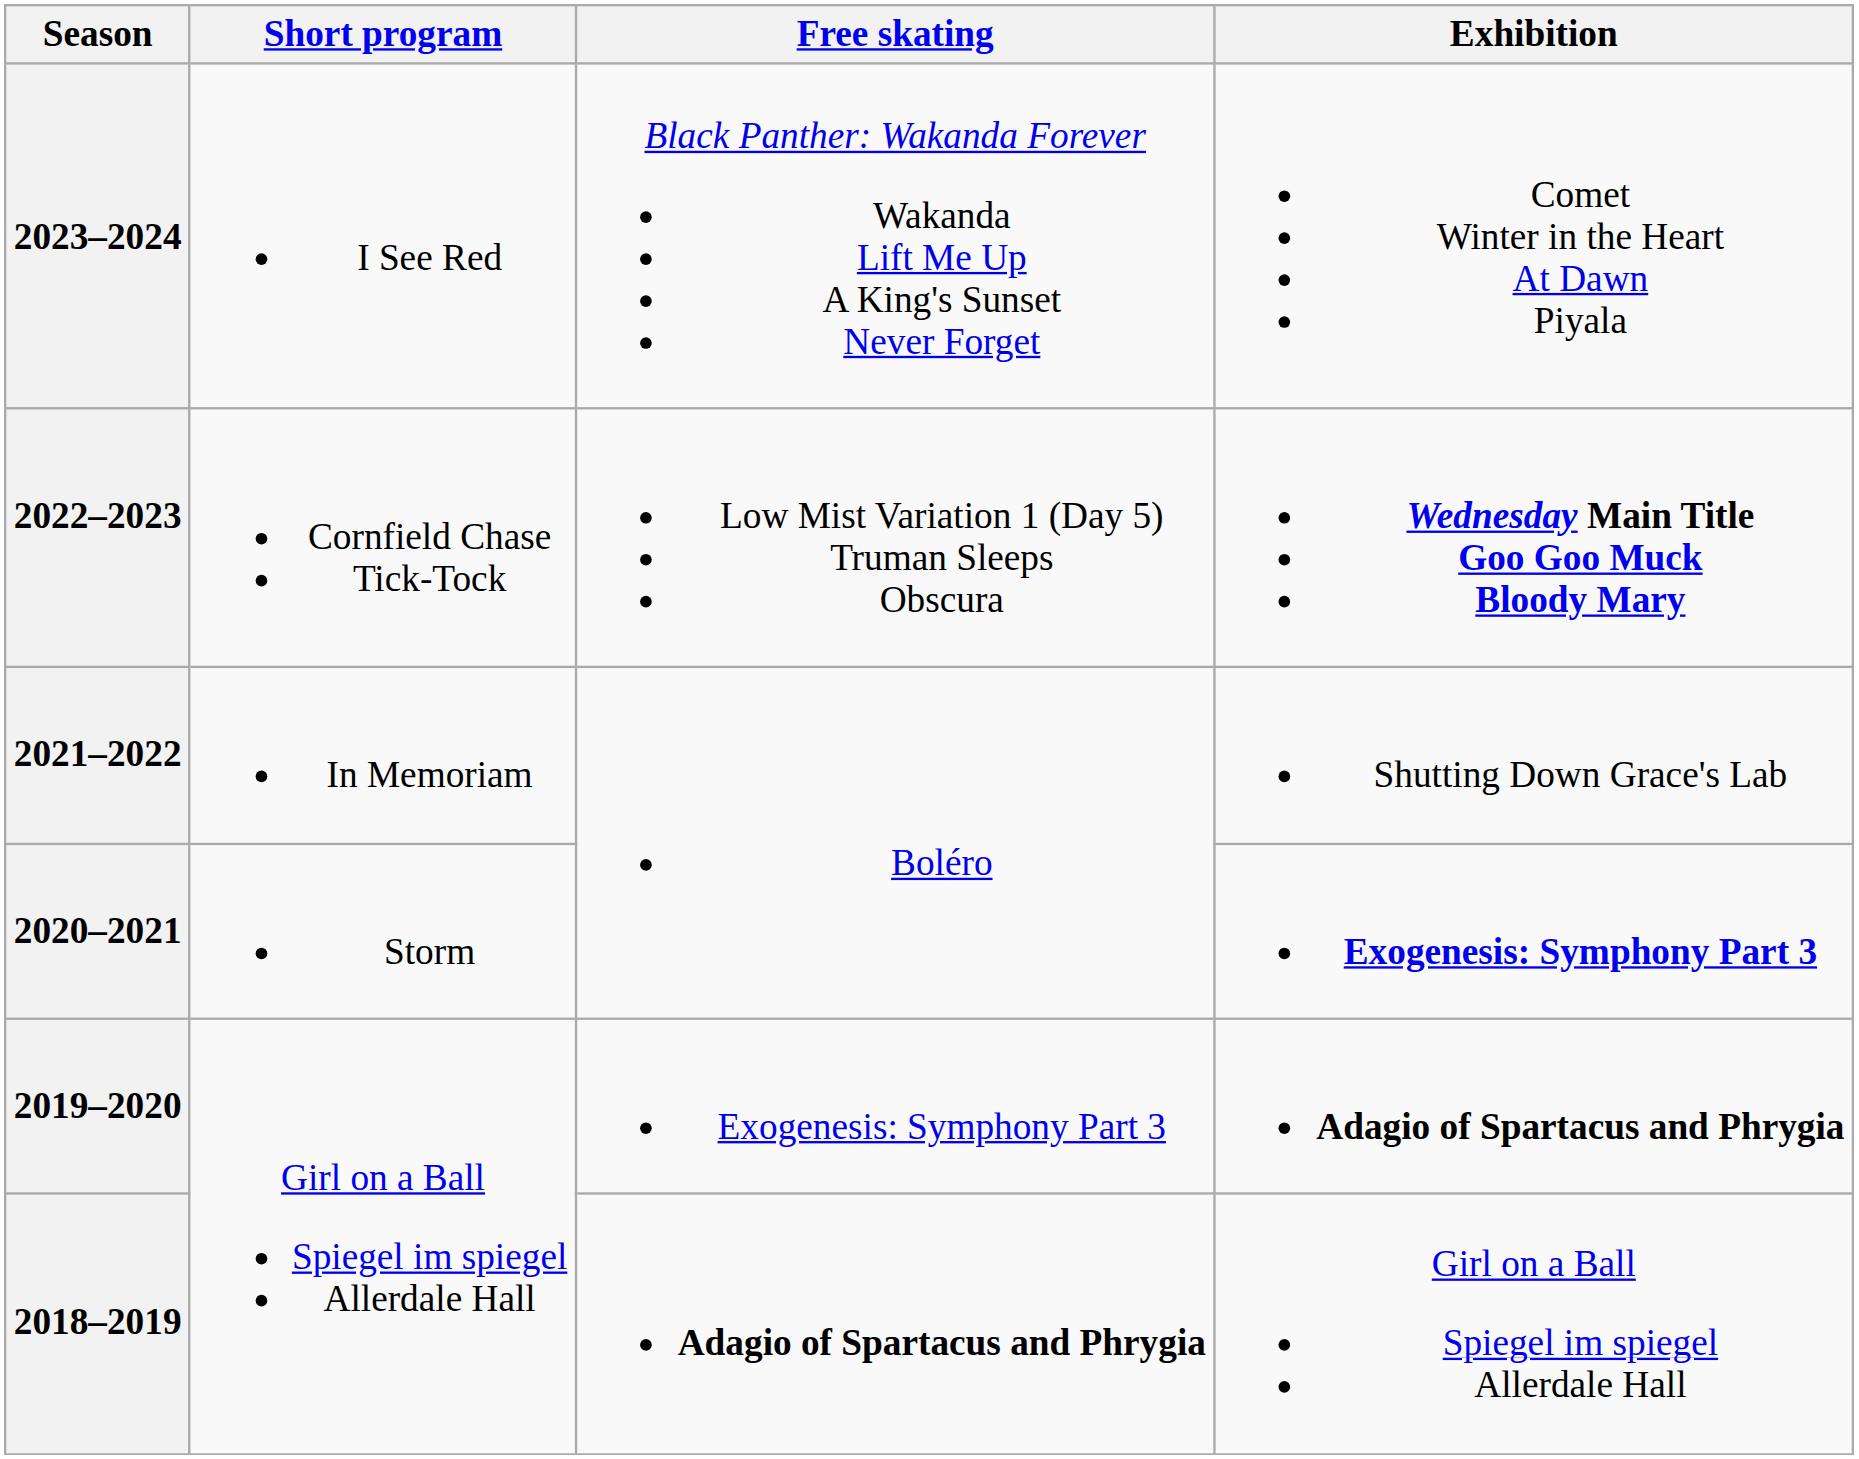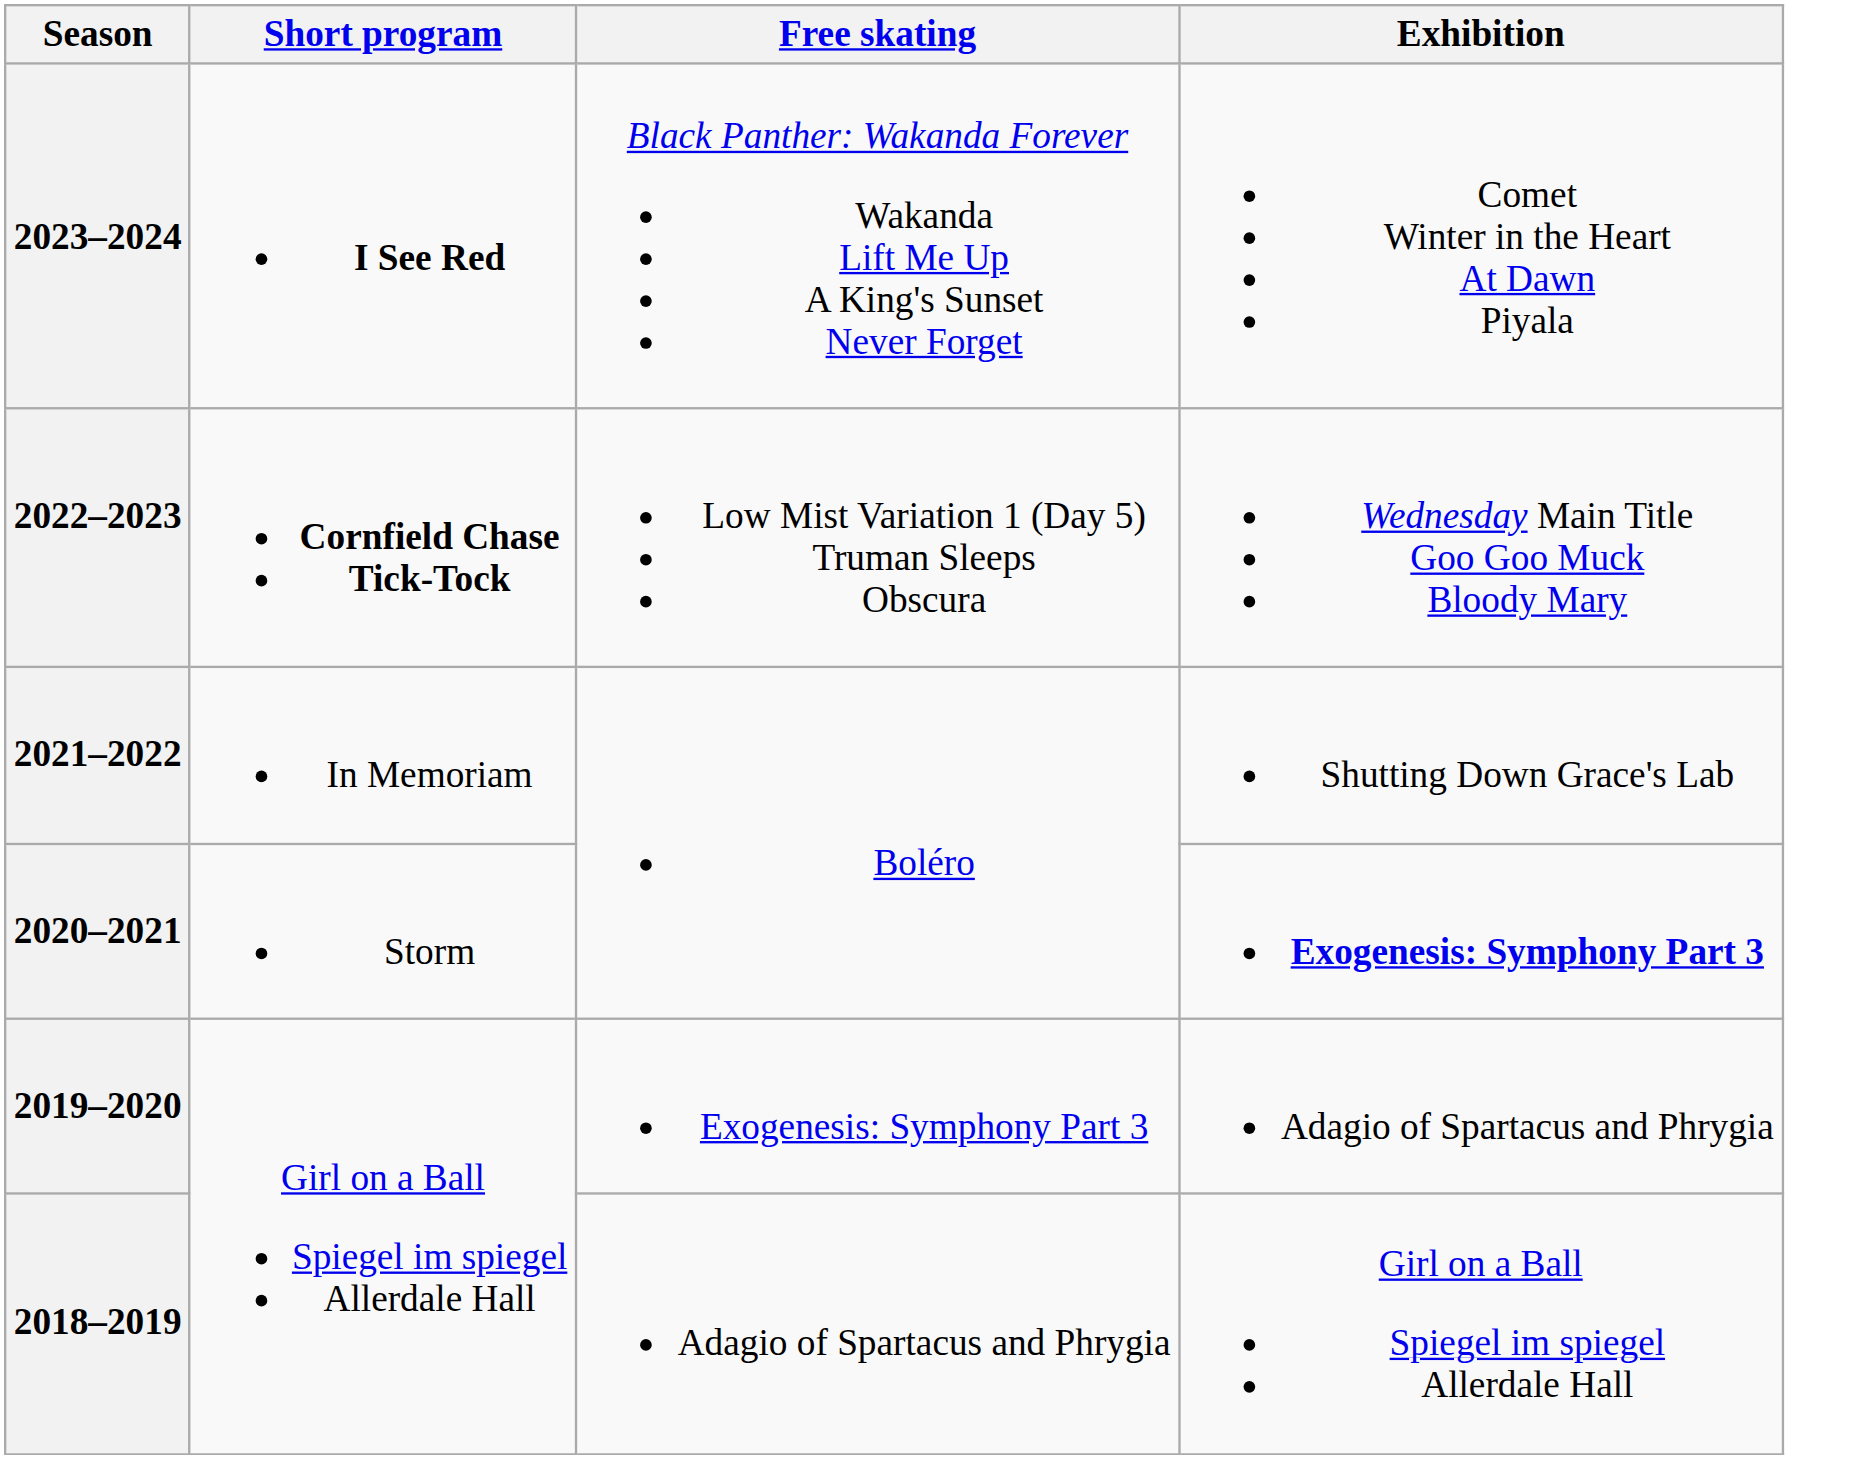 <table class=wikitable style=text-align:center>
 <tr>
 <th>Season</th>
 <th><a href='#'>Short program</a></th>
 <th><a href='#'>Free skating</a></th>
 <th>Exhibition</th>
 </tr>
 <tr>
 <th>2023–2024</th>
-<td><br><ul><li>I See Red <br></li></ul></td>
+<td><strong><br><ul><li>I See Red <br></li></ul></strong></td>
 <td><br><em><a href='#'>Black Panther: Wakanda Forever</a></em><ul><li>Wakanda <br></li><li><a href='#'>Lift Me Up</a> <br></li><li>A King's Sunset <br></li><li><a href='#'>Never Forget</a> <br></li></ul></td>
 <td><br><ul><li>Comet <br></li><li>Winter in the Heart <br></li><li><a href='#'>At Dawn</a> <br></li><li>Piyala <br></li></ul></td>
 </tr>
 <tr>
 <th>2022–2023<br> <br></th>
-<td><br><ul><li>Cornfield Chase <br></li><li>Tick-Tock <br></li></ul></td>
+<td><strong><br><ul><li>Cornfield Chase <br></li><li>Tick-Tock <br></li></ul></strong></td>
 <td><br><ul><li>Low Mist Variation 1 (Day 5) <br></li><li>Truman Sleeps<br></li><li>Obscura <br></li></ul></td>
-<td><strong><br><ul><li><em><a href='#'>Wednesday</a></em> Main Title <br></li><li><a href='#'>Goo Goo Muck</a> <br></li><li><a href='#'>Bloody Mary</a> <br></li></ul></strong></td>
+<td><br><ul><li><em><a href='#'>Wednesday</a></em> Main Title <br></li><li><a href='#'>Goo Goo Muck</a> <br></li><li><a href='#'>Bloody Mary</a> <br></li></ul></td>
 </tr>
 <tr>
 <th>2021–2022 <br></th>
 <td><br><ul><li>In Memoriam <br></li></ul></td>
 <td rowspan=2><br><ul><li><a href='#'>Boléro</a> <br></li></ul></td>
 <td><br><ul><li>Shutting Down Grace's Lab <br> </li></ul></td>
 </tr>
 <tr>
 <th>2020–2021 <br></th>
 <td><br><ul><li>Storm <br></li></ul></td>
 <td><strong><br><ul><li><a href='#'>Exogenesis: Symphony Part 3</a> <br></li></ul></strong></td>
 </tr>
 <tr>
 <th>2019–2020 <br></th>
 <td rowspan=2><br><a href='#'>Girl on a Ball</a><ul><li><a href='#'>Spiegel im spiegel</a> <br></li><li>Allerdale Hall <br></li></ul></td>
 <td><br><ul><li><a href='#'>Exogenesis: Symphony Part 3</a> <br></li></ul></td>
-<td><strong><br><ul><li>Adagio of Spartacus and Phrygia <br></li></ul></strong></td>
+<td><br><ul><li>Adagio of Spartacus and Phrygia <br></li></ul></td>
 </tr>
 <tr>
 <th>2018–2019</th>
-<td><strong><br><ul><li>Adagio of Spartacus and Phrygia <br></li></ul></strong></td>
+<td><br><ul><li>Adagio of Spartacus and Phrygia <br></li></ul></td>
 <td><br><a href='#'>Girl on a Ball</a><ul><li><a href='#'>Spiegel im spiegel</a> <br></li><li>Allerdale Hall <br></li></ul></td>
 </tr>
 </table>
